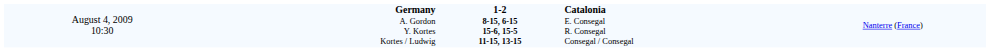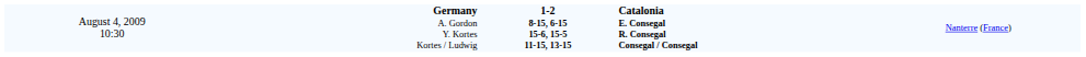 <table style="width: 100%; background:#F5FAFF;" cellspacing="0">
 <tr>
 <td align=center rowspan=3 width=20%>August 4, 2009<br>10:30</td>
 </tr>
 <tr>
 <td width=24% align=right><strong>Germany</strong></td>
 <td align=center width=13%><strong>1-2</strong></td>
 <td width=24%><strong>Catalonia</strong></td>
 <td style=font-size:85% rowspan=3 valign=middle align=center><a href='#'>Nanterre</a> (<a href='#'>France</a>)</td>
 </tr>
 <tr style=font-size:85%>
 <td align=right valign=top>A. Gordon<br>Y. Kortes<br>Kortes / Ludwig</td>
 <td align=center><strong>8-15, 6-15<br>15-6, 15-5<br>11-15, 13-15</strong></td>
-<td>E. Consegal<br>R. Consegal<br>Consegal / Consegal</td>
+<td><strong>E. Consegal<br>R. Consegal<br>Consegal / Consegal</strong></td>
 </tr>
 </table>
